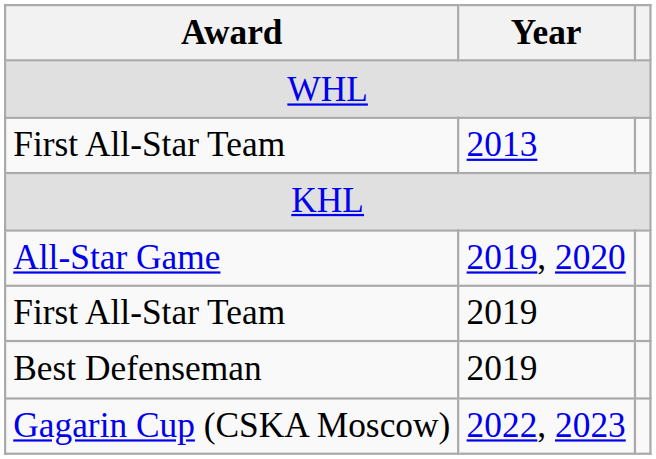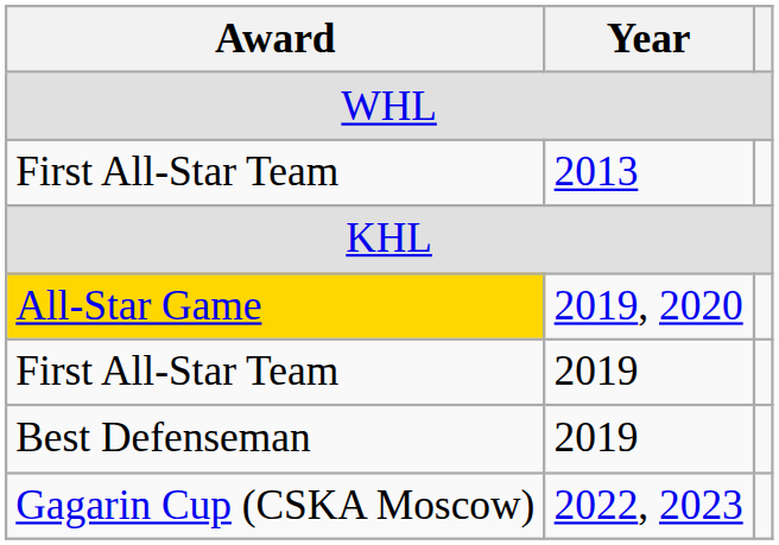 <table class="wikitable">
 <tr>
 <th>Award</th>
 <th>Year</th>
 <th></th>
 </tr>
 <tr ALIGN="center" bgcolor="#e0e0e0">
 <td colspan="3"><a href='#'>WHL</a></td>
 </tr>
 <tr>
 <td>First All-Star Team</td>
 <td><a href='#'>2013</a></td>
 <td></td>
 </tr>
 <tr ALIGN="center" bgcolor="#e0e0e0">
 <td colspan="3"><a href='#'>KHL</a></td>
 </tr>
 <tr>
-<td><a href='#'>All-Star Game</a></td>
+<td style="background: gold;"><a href='#'>All-Star Game</a></td>
 <td><a href='#'>2019</a>, <a href='#'>2020</a></td>
 <td></td>
 </tr>
 <tr>
 <td>First All-Star Team</td>
 <td>2019</td>
 <td></td>
 </tr>
 <tr>
 <td>Best Defenseman</td>
 <td>2019</td>
 <td></td>
 </tr>
 <tr>
 <td><a href='#'>Gagarin Cup</a> (CSKA Moscow)</td>
 <td><a href='#'>2022</a>, <a href='#'>2023</a></td>
 <td></td>
 </tr>
 </table>
